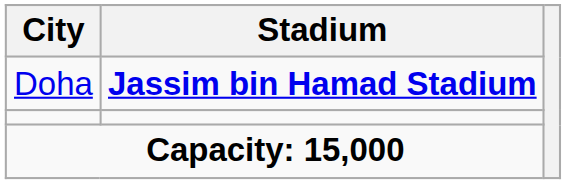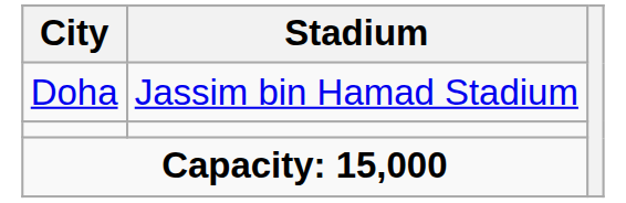 <table class="wikitable" style="margin:1em auto; text-align:center;">
 <tr>
 <th>City</th>
 <th>Stadium</th>
 <th rowspan="4"></th>
 </tr>
 <tr>
 <td><a href='#'>Doha</a></td>
-<td><strong><a href='#'>Jassim bin Hamad Stadium</a></strong></td>
+<td><a href='#'>Jassim bin Hamad Stadium</a></td>
 </tr>
 <tr>
 <td></td>
 <td></td>
 </tr>
 <tr>
 <td colspan="2"><strong>Capacity: 15,000</strong></td>
 </tr>
 </table>
